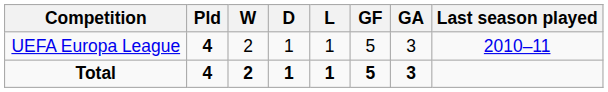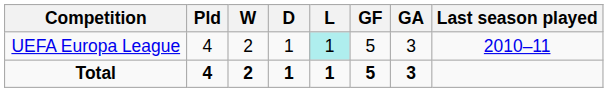 <table class="wikitable" style="text-align: center;">
 <tr>
 <th width="160">Competition</th>
 <th width="30">Pld</th>
 <th width="30">W</th>
 <th width="30">D</th>
 <th width="30">L</th>
 <th width="30">GF</th>
 <th width="30">GA</th>
 <th width="150">Last season played</th>
 </tr>
 <tr>
 <td><a href='#'>UEFA Europa League</a></td>
-<td><strong>4</strong></td>
+<td>4</td>
 <td>2</td>
 <td>1</td>
-<td>1</td>
+<td style="background: paleturquoise;">1</td>
 <td>5</td>
 <td>3</td>
 <td><a href='#'>2010–11</a></td>
 </tr>
 <tr>
 <td><strong>Total</strong></td>
 <td><strong>4</strong></td>
 <td><strong>2</strong></td>
 <td><strong>1</strong></td>
 <td><strong>1</strong></td>
 <td><strong>5</strong></td>
 <td><strong>3</strong></td>
 </tr>
 </table>
